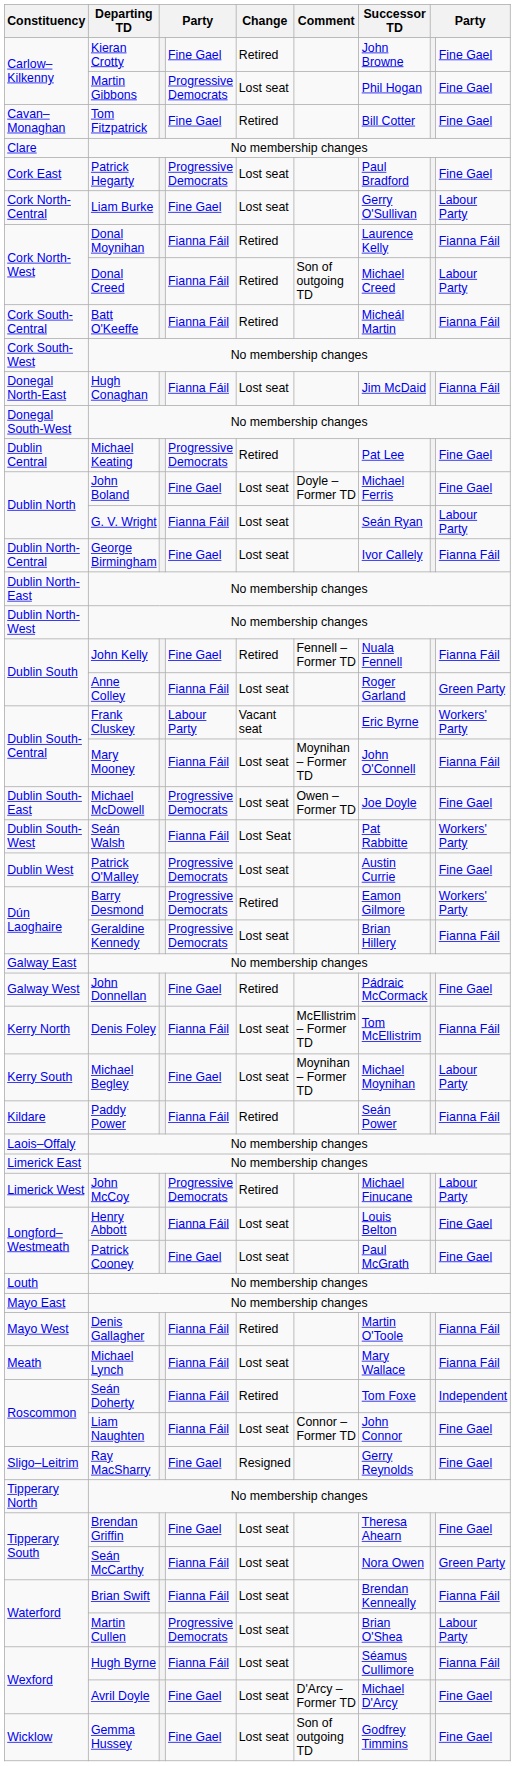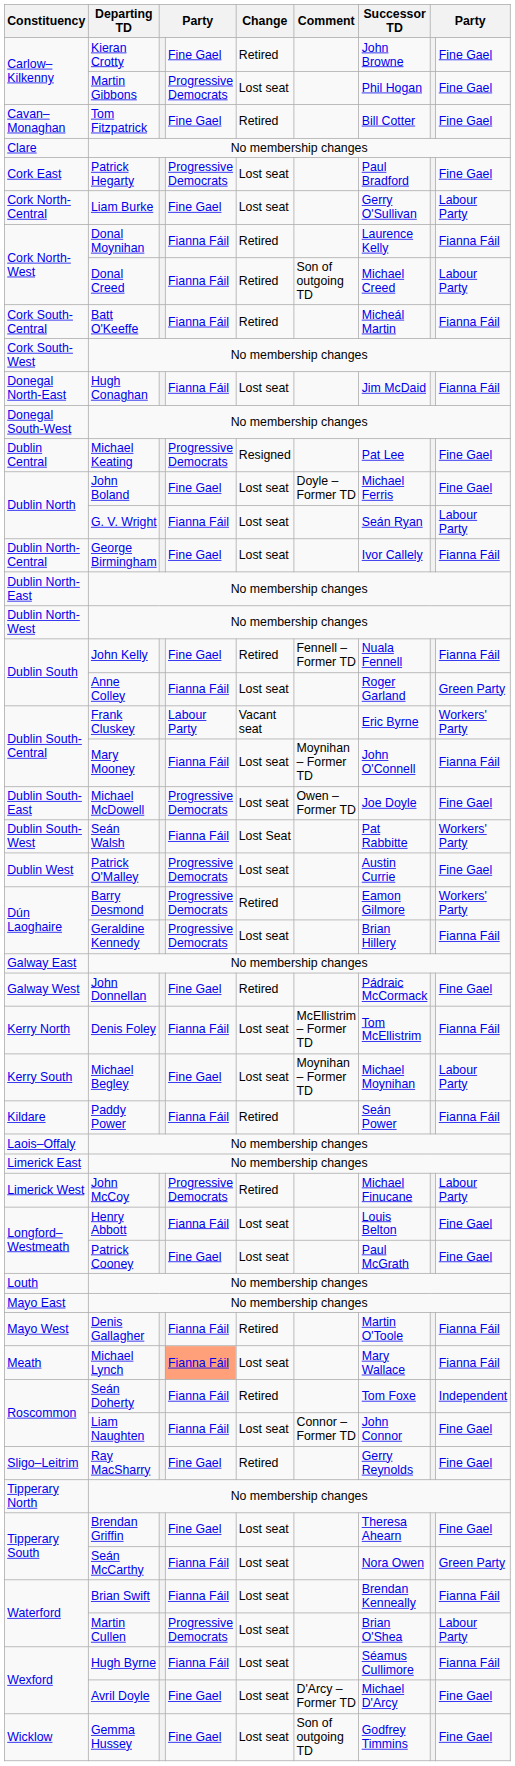 <table class="wikitable">
 <tr style="background: #efefef;">
 <th scope="col">Constituency</th>
 <th scope="col">Departing TD</th>
 <th scope="col" colspan="2">Party</th>
 <th scope="col">Change</th>
 <th scope="col">Comment</th>
 <th scope="col">Successor TD</th>
 <th scope="col" colspan="2">Party</th>
 </tr>
 <tr>
 <td rowspan=2><a href='#'>Carlow–Kilkenny</a></td>
 <td><a href='#'>Kieran Crotty</a></td>
 <th style="background-color: "></th>
 <td><a href='#'>Fine Gael</a></td>
 <td>Retired</td>
 <td></td>
 <td><a href='#'>John Browne</a></td>
 <th style="background-color: "></th>
 <td><a href='#'>Fine Gael</a></td>
 </tr>
 <tr>
 <td><a href='#'>Martin Gibbons</a></td>
 <th style="background-color: "></th>
 <td><a href='#'>Progressive Democrats</a></td>
 <td>Lost seat</td>
 <td></td>
 <td><a href='#'>Phil Hogan</a></td>
 <th style="background-color: "></th>
 <td><a href='#'>Fine Gael</a></td>
 </tr>
 <tr>
 <td><a href='#'>Cavan–Monaghan</a></td>
 <td><a href='#'>Tom Fitzpatrick</a></td>
 <th style="background-color: "></th>
 <td><a href='#'>Fine Gael</a></td>
 <td>Retired</td>
 <td></td>
 <td><a href='#'>Bill Cotter</a></td>
 <th style="background-color: "></th>
 <td><a href='#'>Fine Gael</a></td>
 </tr>
 <tr>
 <td><a href='#'>Clare</a></td>
 <td colspan=8 align=center>No membership changes</td>
 </tr>
 <tr>
 <td><a href='#'>Cork East</a></td>
 <td><a href='#'>Patrick Hegarty</a></td>
 <th style="background-color: "></th>
 <td><a href='#'>Progressive Democrats</a></td>
 <td>Lost seat</td>
 <td></td>
 <td><a href='#'>Paul Bradford</a></td>
 <th style="background-color: "></th>
 <td><a href='#'>Fine Gael</a></td>
 </tr>
 <tr>
 <td><a href='#'>Cork North-Central</a></td>
 <td><a href='#'>Liam Burke</a></td>
 <th style="background-color: "></th>
 <td><a href='#'>Fine Gael</a></td>
 <td>Lost seat</td>
 <td></td>
 <td><a href='#'>Gerry O'Sullivan</a></td>
 <th style="background-color: "></th>
 <td><a href='#'>Labour Party</a></td>
 </tr>
 <tr>
 <td rowspan=2><a href='#'>Cork North-West</a></td>
 <td><a href='#'>Donal Moynihan</a></td>
 <th style="background-color: "></th>
 <td><a href='#'>Fianna Fáil</a></td>
 <td>Retired</td>
 <td></td>
 <td><a href='#'>Laurence Kelly</a></td>
 <th style="background-color: "></th>
 <td><a href='#'>Fianna Fáil</a></td>
 </tr>
 <tr>
 <td><a href='#'>Donal Creed</a></td>
 <th style="background-color: "></th>
 <td><a href='#'>Fianna Fáil</a></td>
 <td>Retired</td>
 <td>Son of outgoing TD</td>
 <td><a href='#'>Michael Creed</a></td>
 <th style="background-color: "></th>
 <td><a href='#'>Labour Party</a></td>
 </tr>
 <tr>
 <td><a href='#'>Cork South-Central</a></td>
 <td><a href='#'>Batt O'Keeffe</a></td>
 <th style="background-color: "></th>
 <td><a href='#'>Fianna Fáil</a></td>
 <td>Retired</td>
 <td></td>
 <td><a href='#'>Micheál Martin</a></td>
 <th style="background-color: "></th>
 <td><a href='#'>Fianna Fáil</a></td>
 </tr>
 <tr>
 <td><a href='#'>Cork South-West</a></td>
 <td colspan=8 align=center>No membership changes</td>
 </tr>
 <tr>
 <td><a href='#'>Donegal North-East</a></td>
 <td><a href='#'>Hugh Conaghan</a></td>
 <th style="background-color: "></th>
 <td><a href='#'>Fianna Fáil</a></td>
 <td>Lost seat</td>
 <td></td>
 <td><a href='#'>Jim McDaid</a></td>
 <th style="background-color: "></th>
 <td><a href='#'>Fianna Fáil</a></td>
 </tr>
 <tr>
 <td><a href='#'>Donegal South-West</a></td>
 <td colspan=8 align=center>No membership changes</td>
 </tr>
 <tr>
 <td><a href='#'>Dublin Central</a></td>
 <td><a href='#'>Michael Keating</a></td>
 <th style="background-color: "></th>
 <td><a href='#'>Progressive Democrats</a></td>
-<td>Retired</td>
+<td>Resigned</td>
 <td></td>
 <td><a href='#'>Pat Lee</a></td>
 <th style="background-color: "></th>
 <td><a href='#'>Fine Gael</a></td>
 </tr>
 <tr>
 <td rowspan=2><a href='#'>Dublin North</a></td>
 <td><a href='#'>John Boland</a></td>
 <th style="background-color: "></th>
 <td><a href='#'>Fine Gael</a></td>
 <td>Lost seat</td>
 <td>Doyle – Former TD</td>
 <td><a href='#'>Michael Ferris</a></td>
 <th style="background-color: "></th>
 <td><a href='#'>Fine Gael</a></td>
 </tr>
 <tr>
 <td><a href='#'>G. V. Wright</a></td>
 <th style="background-color: "></th>
 <td><a href='#'>Fianna Fáil</a></td>
 <td>Lost seat</td>
 <td></td>
 <td><a href='#'>Seán Ryan</a></td>
 <th style="background-color: "></th>
 <td><a href='#'>Labour Party</a></td>
 </tr>
 <tr>
 <td><a href='#'>Dublin North-Central</a></td>
 <td><a href='#'>George Birmingham</a></td>
 <th style="background-color: "></th>
 <td><a href='#'>Fine Gael</a></td>
 <td>Lost seat</td>
 <td></td>
 <td><a href='#'>Ivor Callely</a></td>
 <th style="background-color: "></th>
 <td><a href='#'>Fianna Fáil</a></td>
 </tr>
 <tr>
 <td><a href='#'>Dublin North-East</a></td>
 <td colspan=8 align=center>No membership changes</td>
 </tr>
 <tr>
 <td><a href='#'>Dublin North-West</a></td>
 <td colspan=8 align=center>No membership changes</td>
 </tr>
 <tr>
 <td rowspan=2><a href='#'>Dublin South</a></td>
 <td><a href='#'>John Kelly</a></td>
 <th style="background-color: "></th>
 <td><a href='#'>Fine Gael</a></td>
 <td>Retired</td>
 <td>Fennell – Former TD</td>
 <td><a href='#'>Nuala Fennell</a></td>
 <th style="background-color: "></th>
 <td><a href='#'>Fianna Fáil</a></td>
 </tr>
 <tr>
 <td><a href='#'>Anne Colley</a></td>
 <th style="background-color: "></th>
 <td><a href='#'>Fianna Fáil</a></td>
 <td>Lost seat</td>
 <td></td>
 <td><a href='#'>Roger Garland</a></td>
 <th style="background-color: "></th>
 <td><a href='#'>Green Party</a></td>
 </tr>
 <tr>
 <td rowspan=2><a href='#'>Dublin South-Central</a></td>
 <td><a href='#'>Frank Cluskey</a></td>
 <th style="background-color: "></th>
 <td><a href='#'>Labour Party</a></td>
 <td>Vacant seat</td>
 <td></td>
 <td><a href='#'>Eric Byrne</a></td>
 <th style="background-color: "></th>
 <td><a href='#'>Workers' Party</a></td>
 </tr>
 <tr>
 <td><a href='#'>Mary Mooney</a></td>
 <th style="background-color: "></th>
 <td><a href='#'>Fianna Fáil</a></td>
 <td>Lost seat</td>
 <td>Moynihan – Former TD</td>
 <td><a href='#'>John O'Connell</a></td>
 <th style="background-color: "></th>
 <td><a href='#'>Fianna Fáil</a></td>
 </tr>
 <tr>
 <td><a href='#'>Dublin South-East</a></td>
 <td><a href='#'>Michael McDowell</a></td>
 <th style="background-color: "></th>
 <td><a href='#'>Progressive Democrats</a></td>
 <td>Lost seat</td>
 <td>Owen – Former TD</td>
 <td><a href='#'>Joe Doyle</a></td>
 <th style="background-color: "></th>
 <td><a href='#'>Fine Gael</a></td>
 </tr>
 <tr>
 <td><a href='#'>Dublin South-West</a></td>
 <td><a href='#'>Seán Walsh</a></td>
 <th style="background-color: "></th>
 <td><a href='#'>Fianna Fáil</a></td>
 <td>Lost Seat</td>
 <td></td>
 <td><a href='#'>Pat Rabbitte</a></td>
 <th style="background-color: "></th>
 <td><a href='#'>Workers' Party</a></td>
 </tr>
 <tr>
 <td><a href='#'>Dublin West</a></td>
 <td><a href='#'>Patrick O'Malley</a></td>
 <th style="background-color: "></th>
 <td><a href='#'>Progressive Democrats</a></td>
 <td>Lost seat</td>
 <td></td>
 <td><a href='#'>Austin Currie</a></td>
 <th style="background-color: "></th>
 <td><a href='#'>Fine Gael</a></td>
 </tr>
 <tr>
 <td rowspan=2><a href='#'>Dún Laoghaire</a></td>
 <td><a href='#'>Barry Desmond</a></td>
 <th style="background-color: "></th>
 <td><a href='#'>Progressive Democrats</a></td>
 <td>Retired</td>
 <td></td>
 <td><a href='#'>Eamon Gilmore</a></td>
 <th style="background-color: "></th>
 <td><a href='#'>Workers' Party</a></td>
 </tr>
 <tr>
 <td><a href='#'>Geraldine Kennedy</a></td>
 <th style="background-color: "></th>
 <td><a href='#'>Progressive Democrats</a></td>
 <td>Lost seat</td>
 <td></td>
 <td><a href='#'>Brian Hillery</a></td>
 <th style="background-color: "></th>
 <td><a href='#'>Fianna Fáil</a></td>
 </tr>
 <tr>
 <td><a href='#'>Galway East</a></td>
 <td colspan=8 align=center>No membership changes</td>
 </tr>
 <tr>
 <td><a href='#'>Galway West</a></td>
 <td><a href='#'>John Donnellan</a></td>
 <th style="background-color: "></th>
 <td><a href='#'>Fine Gael</a></td>
 <td>Retired</td>
 <td></td>
 <td><a href='#'>Pádraic McCormack</a></td>
 <th style="background-color: "></th>
 <td><a href='#'>Fine Gael</a></td>
 </tr>
 <tr>
 <td><a href='#'>Kerry North</a></td>
 <td><a href='#'>Denis Foley</a></td>
 <th style="background-color: "></th>
 <td><a href='#'>Fianna Fáil</a></td>
 <td>Lost seat</td>
 <td>McEllistrim – Former TD</td>
 <td><a href='#'>Tom McEllistrim</a></td>
 <th style="background-color: "></th>
 <td><a href='#'>Fianna Fáil</a></td>
 </tr>
 <tr>
 <td><a href='#'>Kerry South</a></td>
 <td><a href='#'>Michael Begley</a></td>
 <th style="background-color: "></th>
 <td><a href='#'>Fine Gael</a></td>
 <td>Lost seat</td>
 <td>Moynihan – Former TD</td>
 <td><a href='#'>Michael Moynihan</a></td>
 <th style="background-color: "></th>
 <td><a href='#'>Labour Party</a></td>
 </tr>
 <tr>
 <td><a href='#'>Kildare</a></td>
 <td><a href='#'>Paddy Power</a></td>
 <th style="background-color: "></th>
 <td><a href='#'>Fianna Fáil</a></td>
 <td>Retired</td>
 <td></td>
 <td><a href='#'>Seán Power</a></td>
 <th style="background-color: "></th>
 <td><a href='#'>Fianna Fáil</a></td>
 </tr>
 <tr>
 <td><a href='#'>Laois–Offaly</a></td>
 <td colspan=8 align=center>No membership changes</td>
 </tr>
 <tr>
 <td><a href='#'>Limerick East</a></td>
 <td colspan=8 align=center>No membership changes</td>
 </tr>
 <tr>
 <td><a href='#'>Limerick West</a></td>
 <td><a href='#'>John McCoy</a></td>
 <th style="background-color: "></th>
 <td><a href='#'>Progressive Democrats</a></td>
 <td>Retired</td>
 <td></td>
 <td><a href='#'>Michael Finucane</a></td>
 <th style="background-color: "></th>
 <td><a href='#'>Labour Party</a></td>
 </tr>
 <tr>
 <td rowspan=2><a href='#'>Longford–Westmeath</a></td>
 <td><a href='#'>Henry Abbott</a></td>
 <th style="background-color: "></th>
 <td><a href='#'>Fianna Fáil</a></td>
 <td>Lost seat</td>
 <td></td>
 <td><a href='#'>Louis Belton</a></td>
 <th style="background-color: "></th>
 <td><a href='#'>Fine Gael</a></td>
 </tr>
 <tr>
 <td><a href='#'>Patrick Cooney</a></td>
 <th style="background-color: "></th>
 <td><a href='#'>Fine Gael</a></td>
 <td>Lost seat</td>
 <td></td>
 <td><a href='#'>Paul McGrath</a></td>
 <th style="background-color: "></th>
 <td><a href='#'>Fine Gael</a></td>
 </tr>
 <tr>
 <td><a href='#'>Louth</a></td>
 <td colspan=8 align=center>No membership changes</td>
 </tr>
 <tr>
 <td><a href='#'>Mayo East</a></td>
 <td colspan=8 align=center>No membership changes</td>
 </tr>
 <tr>
 <td><a href='#'>Mayo West</a></td>
 <td><a href='#'>Denis Gallagher</a></td>
 <th style="background-color: "></th>
 <td><a href='#'>Fianna Fáil</a></td>
 <td>Retired</td>
 <td></td>
 <td><a href='#'>Martin O'Toole</a></td>
 <th style="background-color: "></th>
 <td><a href='#'>Fianna Fáil</a></td>
 </tr>
 <tr>
 <td><a href='#'>Meath</a></td>
 <td><a href='#'>Michael Lynch</a></td>
 <th style="background-color: "></th>
-<td><a href='#'>Fianna Fáil</a></td>
+<td style="background: lightsalmon;"><a href='#'>Fianna Fáil</a></td>
 <td>Lost seat</td>
 <td></td>
 <td><a href='#'>Mary Wallace</a></td>
 <th style="background-color: "></th>
 <td><a href='#'>Fianna Fáil</a></td>
 </tr>
 <tr>
 <td rowspan=2><a href='#'>Roscommon</a></td>
 <td><a href='#'>Seán Doherty</a></td>
 <th style="background-color: "></th>
 <td><a href='#'>Fianna Fáil</a></td>
 <td>Retired</td>
 <td></td>
 <td><a href='#'>Tom Foxe</a></td>
 <th style="background-color: "></th>
 <td><a href='#'>Independent</a></td>
 </tr>
 <tr>
 <td><a href='#'>Liam Naughten</a></td>
 <th style="background-color: "></th>
 <td><a href='#'>Fianna Fáil</a></td>
 <td>Lost seat</td>
 <td>Connor – Former TD</td>
 <td><a href='#'>John Connor</a></td>
 <th style="background-color: "></th>
 <td><a href='#'>Fine Gael</a></td>
 </tr>
 <tr>
 <td><a href='#'>Sligo–Leitrim</a></td>
 <td><a href='#'>Ray MacSharry</a></td>
 <th style="background-color: "></th>
 <td><a href='#'>Fine Gael</a></td>
-<td>Resigned</td>
+<td>Retired</td>
 <td></td>
 <td><a href='#'>Gerry Reynolds</a></td>
 <th style="background-color: "></th>
 <td><a href='#'>Fine Gael</a></td>
 </tr>
 <tr>
 <td><a href='#'>Tipperary North</a></td>
 <td colspan=8 align=center>No membership changes</td>
 </tr>
 <tr>
 <td rowspan=2><a href='#'>Tipperary South</a></td>
 <td><a href='#'>Brendan Griffin</a></td>
 <th style="background-color: "></th>
 <td><a href='#'>Fine Gael</a></td>
 <td>Lost seat</td>
 <td></td>
 <td><a href='#'>Theresa Ahearn</a></td>
 <th style="background-color: "></th>
 <td><a href='#'>Fine Gael</a></td>
 </tr>
 <tr>
 <td><a href='#'>Seán McCarthy</a></td>
 <th style="background-color: "></th>
 <td><a href='#'>Fianna Fáil</a></td>
 <td>Lost seat</td>
 <td></td>
 <td><a href='#'>Nora Owen</a></td>
 <th style="background-color: "></th>
 <td><a href='#'>Green Party</a></td>
 </tr>
 <tr>
 <td rowspan=2><a href='#'>Waterford</a></td>
 <td><a href='#'>Brian Swift</a></td>
 <th style="background-color: "></th>
 <td><a href='#'>Fianna Fáil</a></td>
 <td>Lost seat</td>
 <td></td>
 <td><a href='#'>Brendan Kenneally</a></td>
 <th style="background-color: "></th>
 <td><a href='#'>Fianna Fáil</a></td>
 </tr>
 <tr>
 <td><a href='#'>Martin Cullen</a></td>
 <th style="background-color: "></th>
 <td><a href='#'>Progressive Democrats</a></td>
 <td>Lost seat</td>
 <td></td>
 <td><a href='#'>Brian O'Shea</a></td>
 <th style="background-color: "></th>
 <td><a href='#'>Labour Party</a></td>
 </tr>
 <tr>
 <td rowspan=2><a href='#'>Wexford</a></td>
 <td><a href='#'>Hugh Byrne</a></td>
 <th style="background-color: "></th>
 <td><a href='#'>Fianna Fáil</a></td>
 <td>Lost seat</td>
 <td></td>
 <td><a href='#'>Séamus Cullimore</a></td>
 <th style="background-color: "></th>
 <td><a href='#'>Fianna Fáil</a></td>
 </tr>
 <tr>
 <td><a href='#'>Avril Doyle</a></td>
 <th style="background-color: "></th>
 <td><a href='#'>Fine Gael</a></td>
 <td>Lost seat</td>
 <td>D'Arcy – Former TD</td>
 <td><a href='#'>Michael D'Arcy</a></td>
 <th style="background-color: "></th>
 <td><a href='#'>Fine Gael</a></td>
 </tr>
 <tr>
 <td><a href='#'>Wicklow</a></td>
 <td><a href='#'>Gemma Hussey</a></td>
 <th style="background-color: "></th>
 <td><a href='#'>Fine Gael</a></td>
 <td>Lost seat</td>
 <td>Son of outgoing TD</td>
 <td><a href='#'>Godfrey Timmins</a></td>
 <th style="background-color: "></th>
 <td><a href='#'>Fine Gael</a></td>
 </tr>
 </table>
